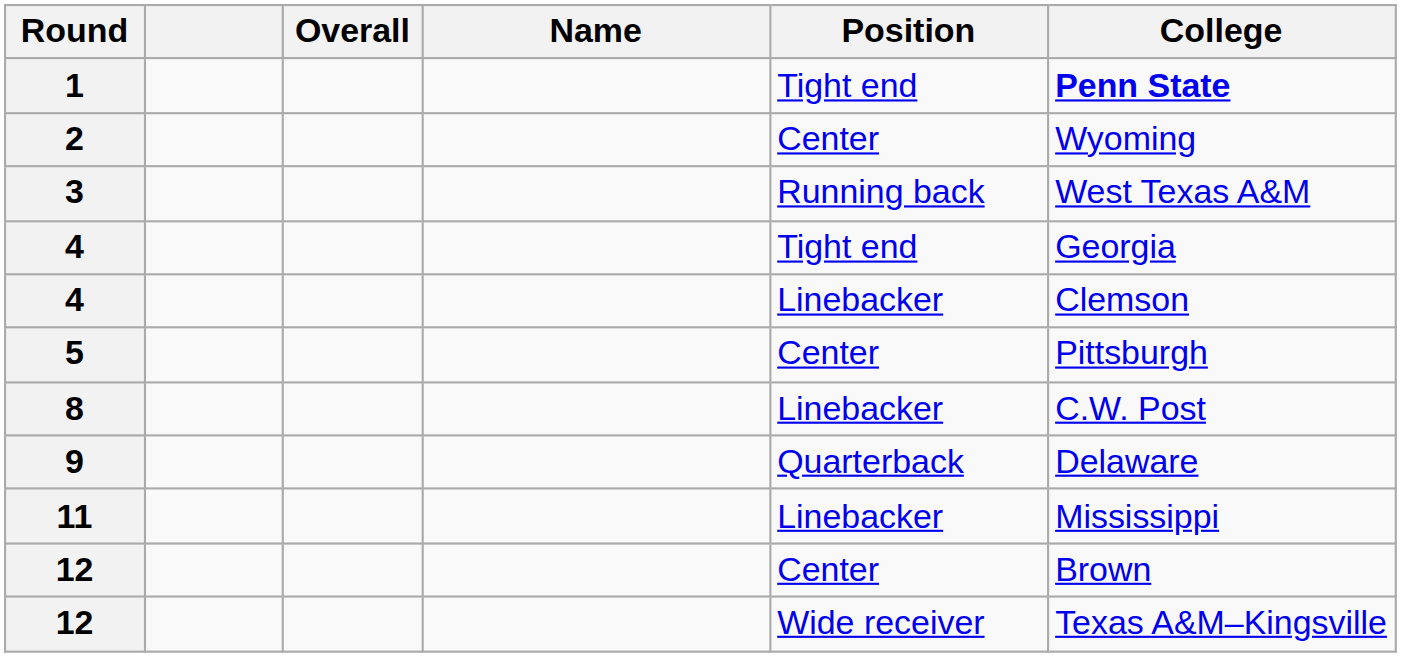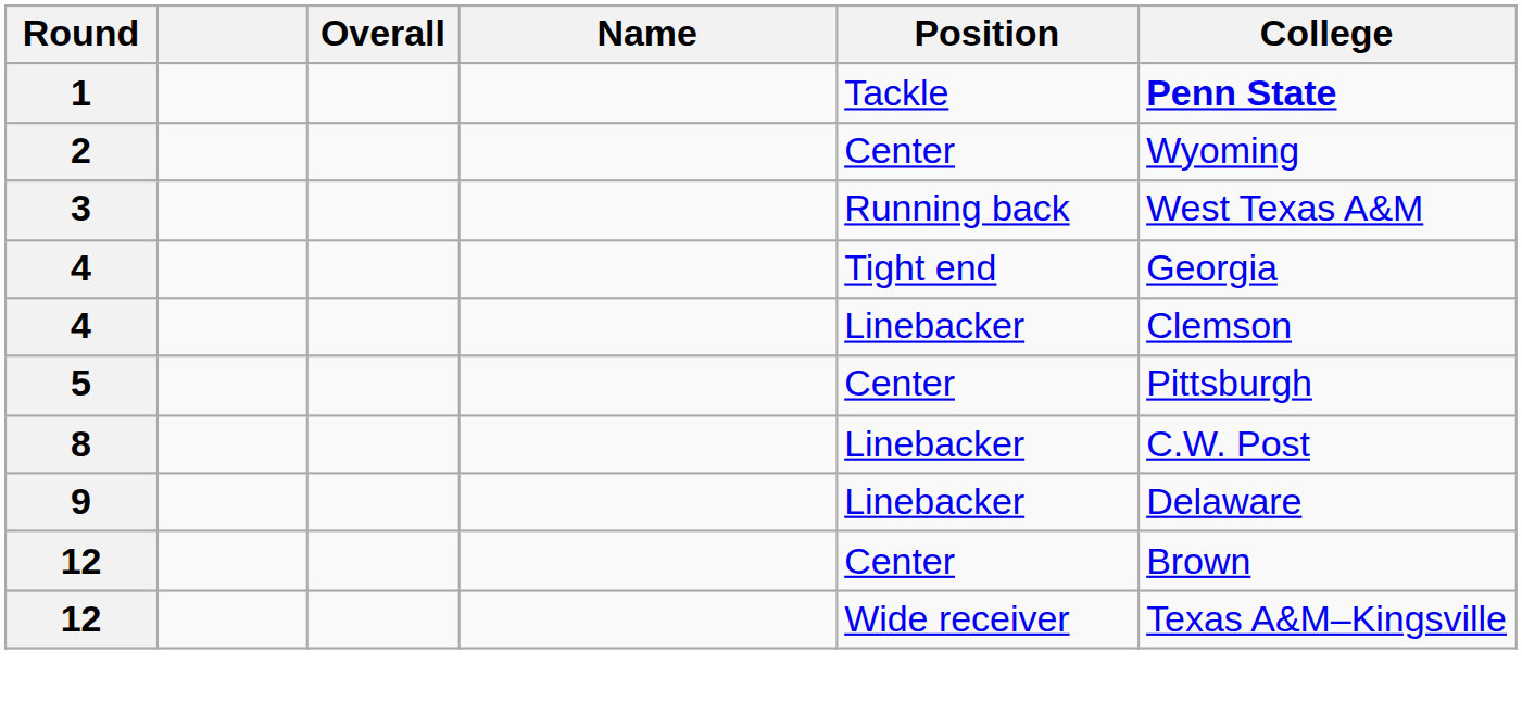 <table class="wikitable sortable">
 <tr>
 <th scope="col" style="width: 10%;">Round</th>
 <th scope="col" style="width: 10%;"></th>
 <th scope="col" style="width: 10%;">Overall</th>
 <th scope="col" style="width: 25%;">Name</th>
 <th scope="col" style="width: 20%;">Position</th>
 <th scope="col" style="width: 25%;">College</th>
 </tr>
 <tr>
 <th scope="row">1</th>
 <td></td>
 <td></td>
 <td></td>
-<td><a href='#'>Tight end</a></td>
+<td><a href='#'>Tackle</a></td>
 <td><strong><a href='#'>Penn State</a></strong></td>
 </tr>
 <tr>
 <th scope="row">2</th>
 <td></td>
 <td></td>
 <td></td>
 <td><a href='#'>Center</a></td>
 <td><a href='#'>Wyoming</a></td>
 </tr>
 <tr>
 <th scope="row">3</th>
 <td></td>
 <td></td>
 <td></td>
 <td><a href='#'>Running back</a></td>
 <td><a href='#'>West Texas A&M</a></td>
 </tr>
 <tr>
 <th scope="row">4</th>
 <td></td>
 <td></td>
 <td></td>
 <td><a href='#'>Tight end</a></td>
 <td><a href='#'>Georgia</a></td>
 </tr>
 <tr>
 <th scope="row">4</th>
 <td></td>
 <td></td>
 <td></td>
 <td><a href='#'>Linebacker</a></td>
 <td><a href='#'>Clemson</a></td>
 </tr>
 <tr>
 <th scope="row">5</th>
 <td></td>
 <td></td>
 <td></td>
 <td><a href='#'>Center</a></td>
 <td><a href='#'>Pittsburgh</a></td>
 </tr>
 <tr>
 <th scope="row">8</th>
 <td></td>
 <td></td>
 <td></td>
 <td><a href='#'>Linebacker</a></td>
 <td><a href='#'>C.W. Post</a></td>
 </tr>
 <tr>
 <th scope="row">9</th>
 <td></td>
 <td></td>
 <td></td>
-<td><a href='#'>Quarterback</a></td>
+<td><a href='#'>Linebacker</a></td>
 <td><a href='#'>Delaware</a></td>
-</tr>
-<tr>
-<th scope="row">11</th>
-<td></td>
-<td></td>
-<td></td>
-<td><a href='#'>Linebacker</a></td>
-<td><a href='#'>Mississippi</a></td>
 </tr>
 <tr>
 <th scope="row">12</th>
 <td></td>
 <td></td>
 <td></td>
 <td><a href='#'>Center</a></td>
 <td><a href='#'>Brown</a></td>
 </tr>
 <tr>
 <th scope="row">12</th>
 <td></td>
 <td></td>
 <td></td>
 <td><a href='#'>Wide receiver</a></td>
 <td><a href='#'>Texas A&M–Kingsville</a></td>
 </tr>
 </table>
